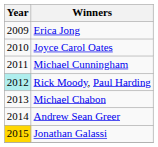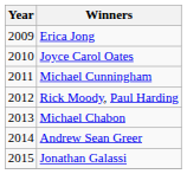 <table class="wikitable">
 <tr>
 <th>Year</th>
 <th>Winners</th>
 </tr>
 <tr>
 <td>2009</td>
 <td><a href='#'>Erica Jong</a></td>
 </tr>
 <tr>
 <td>2010</td>
 <td><a href='#'>Joyce Carol Oates</a></td>
 </tr>
 <tr>
 <td>2011</td>
 <td><a href='#'>Michael Cunningham</a></td>
 </tr>
 <tr>
-<td style="background: paleturquoise;">2012</td>
+<td>2012</td>
 <td><a href='#'>Rick Moody</a>, <a href='#'>Paul Harding</a></td>
 </tr>
 <tr>
 <td>2013</td>
 <td><a href='#'>Michael Chabon</a></td>
 </tr>
 <tr>
 <td>2014</td>
 <td><a href='#'>Andrew Sean Greer</a></td>
 </tr>
 <tr>
-<td style="background: gold;">2015</td>
+<td>2015</td>
 <td><a href='#'>Jonathan Galassi</a></td>
 </tr>
 <tr>
 </tr>
 </table>
